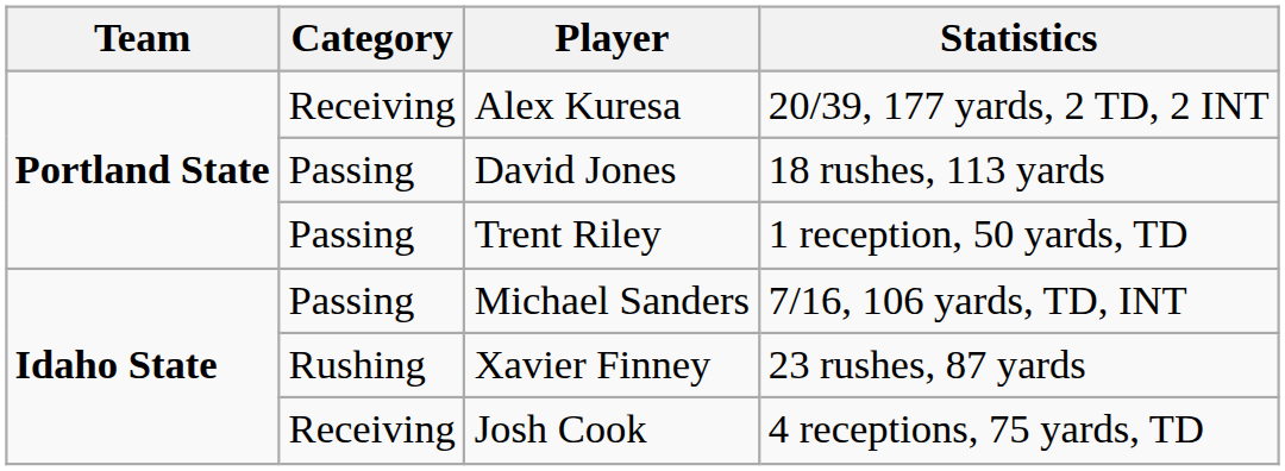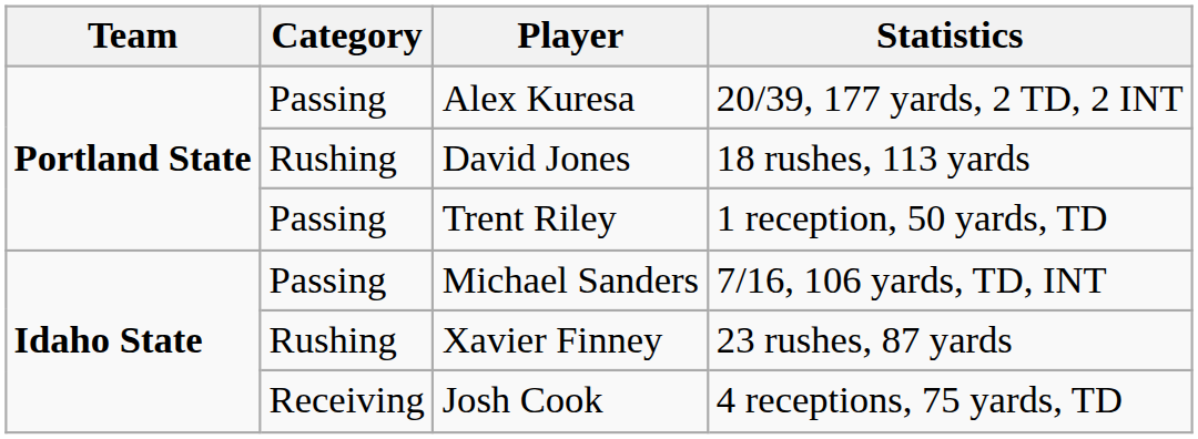 <table class="wikitable" style="float: right;">
 <tr>
 <th>Team</th>
 <th>Category</th>
 <th>Player</th>
 <th>Statistics</th>
 </tr>
 <tr>
 <td rowspan=3><strong>Portland State</strong></td>
-<td>Receiving</td>
+<td>Passing</td>
 <td>Alex Kuresa</td>
 <td>20/39, 177 yards, 2 TD, 2 INT</td>
 </tr>
 <tr>
-<td>Passing</td>
+<td>Rushing</td>
 <td>David Jones</td>
 <td>18 rushes, 113 yards</td>
 </tr>
 <tr>
 <td>Passing</td>
 <td>Trent Riley</td>
 <td>1 reception, 50 yards, TD</td>
 </tr>
 <tr>
 <td rowspan=3><strong>Idaho State</strong></td>
 <td>Passing</td>
 <td>Michael Sanders</td>
 <td>7/16, 106 yards, TD, INT</td>
 </tr>
 <tr>
 <td>Rushing</td>
 <td>Xavier Finney</td>
 <td>23 rushes, 87 yards</td>
 </tr>
 <tr>
 <td>Receiving</td>
 <td>Josh Cook</td>
 <td>4 receptions, 75 yards, TD</td>
 </tr>
 </table>
